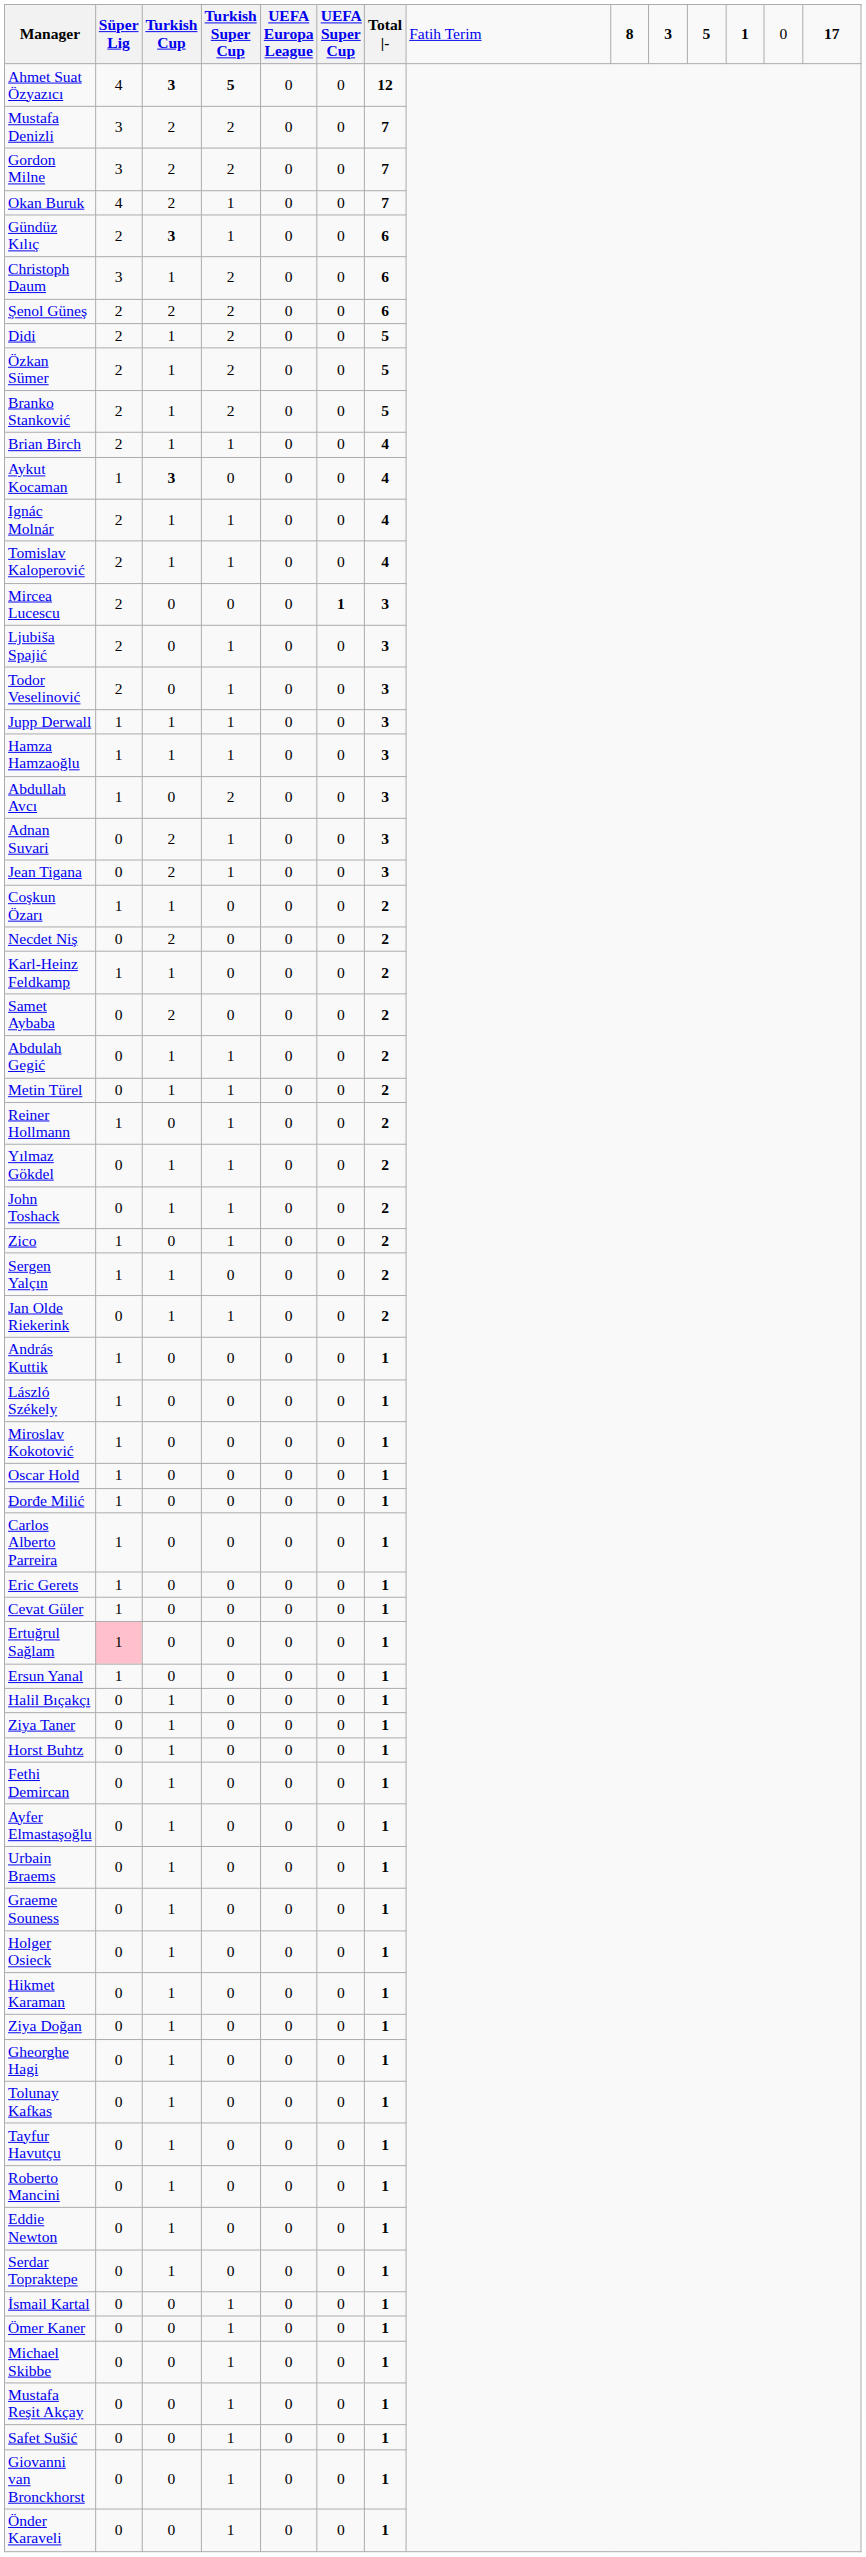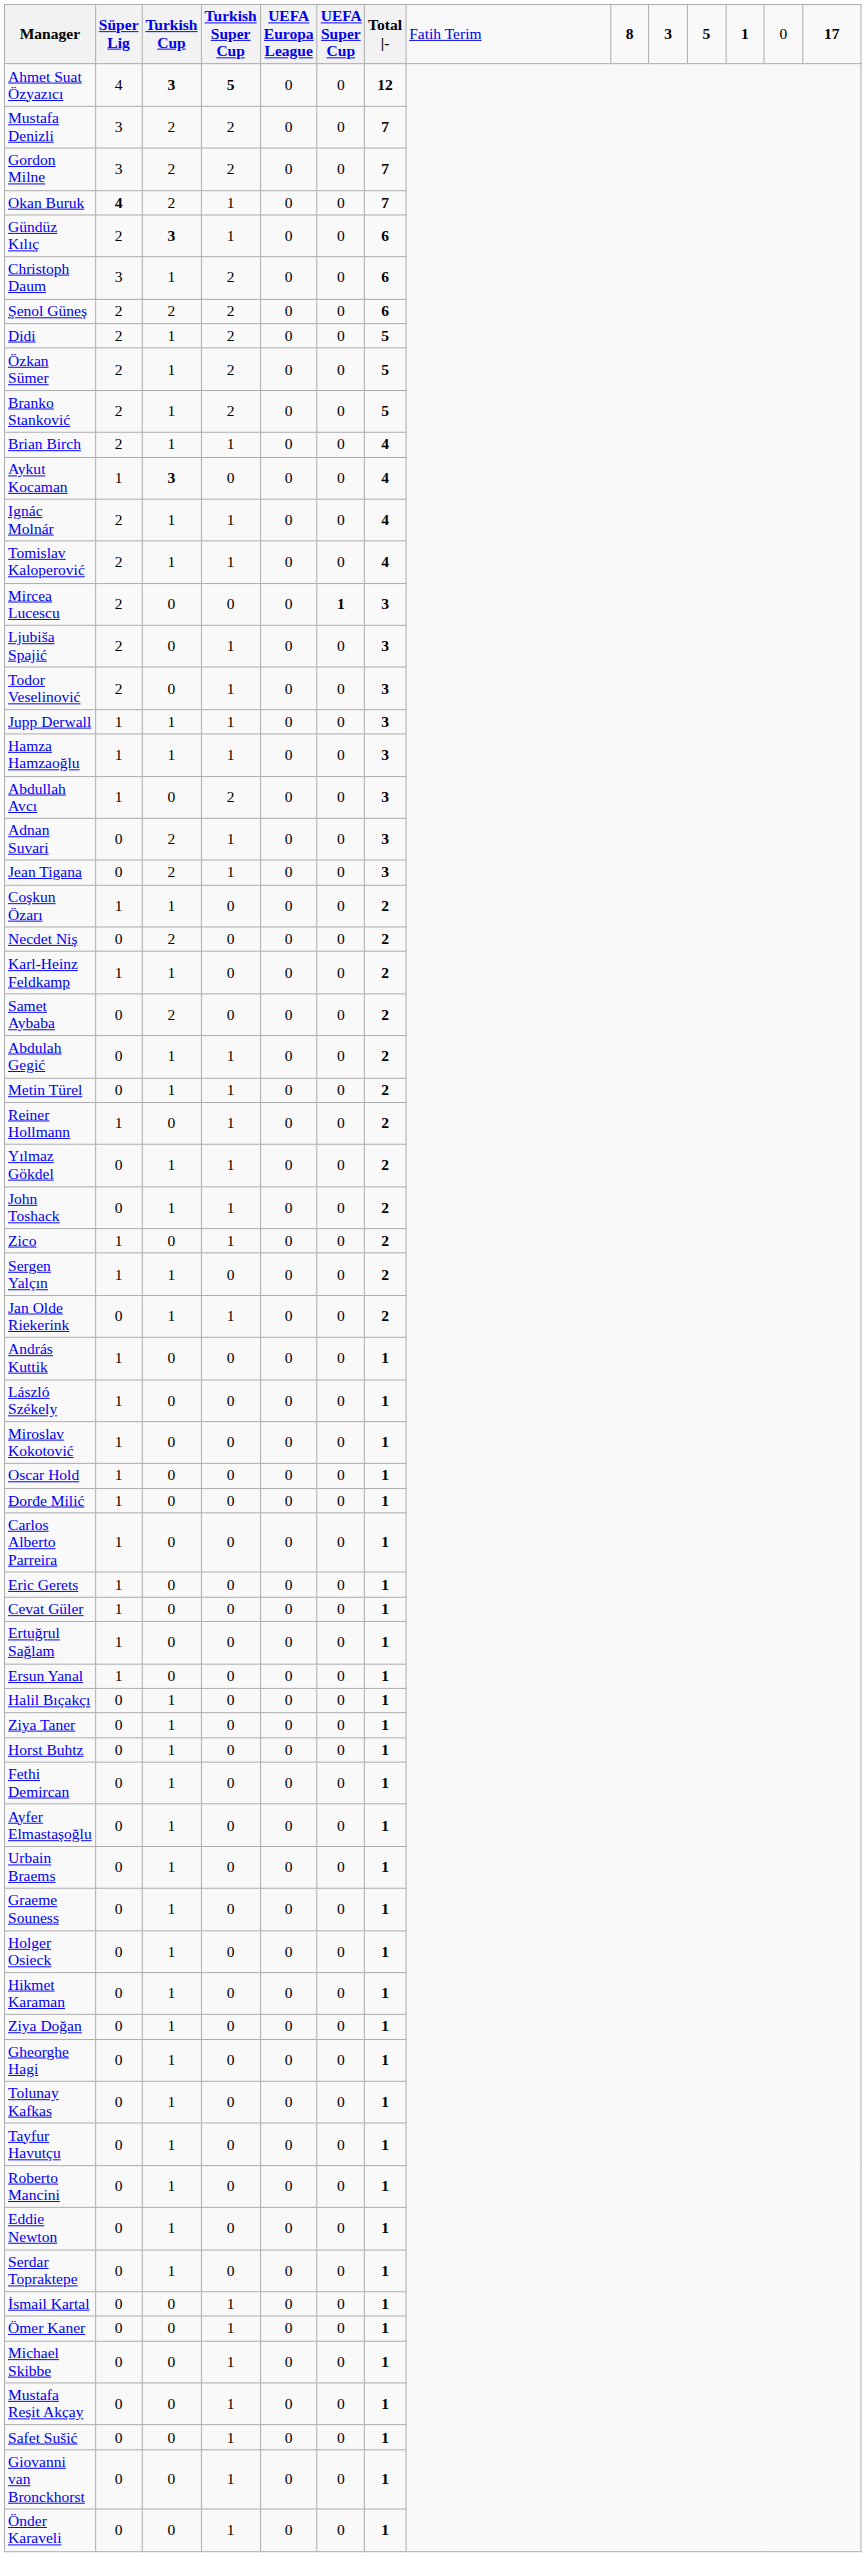 <table class="wikitable sortable" style="margin:auto">
 <tr>
 <th style="width:1%;" class="sortable">Manager</th>
 <th style="width:1%;" class="sortable"><a href='#'>Süper Lig</a></th>
 <th style="width:1%;" class="sortable"><a href='#'>Turkish Cup</a></th>
 <th style="width:1%;" class="sortable"><a href='#'>Turkish Super Cup</a></th>
 <th style="width:1%;" class="sortable"><a href='#'>UEFA Europa League</a></th>
 <th style="width:1%;" class="sortable"><a href='#'>UEFA Super Cup</a></th>
 <th style="width:1%;" class="sortable">Total<br>|-</th>
 <td> <a href='#'>Fatih Terim</a></td>
 <td align=center><strong>8</strong></td>
 <td align=center><strong>3</strong></td>
 <td align=center><strong>5</strong></td>
 <td align=center><strong>1</strong></td>
 <td align=center>0</td>
 <td align=center><strong>17</strong></td>
 </tr>
 <tr>
 <td> <a href='#'>Ahmet Suat Özyazıcı</a></td>
 <td align=center>4</td>
 <td align=center><strong>3</strong></td>
 <td align=center><strong>5</strong></td>
 <td align=center>0</td>
 <td align=center>0</td>
 <td align=center><strong>12</strong></td>
 </tr>
 <tr>
 <td> <a href='#'>Mustafa Denizli</a></td>
 <td align=center>3</td>
 <td align=center>2</td>
 <td align=center>2</td>
 <td align=center>0</td>
 <td align=center>0</td>
 <td align=center><strong>7</strong></td>
 </tr>
 <tr>
 <td> <a href='#'>Gordon Milne</a></td>
 <td align=center>3</td>
 <td align=center>2</td>
 <td align=center>2</td>
 <td align=center>0</td>
 <td align=center>0</td>
 <td align=center><strong>7</strong></td>
 </tr>
 <tr>
 <td> <a href='#'>Okan Buruk</a></td>
-<td align=center>4</td>
+<td align=center><strong>4</strong></td>
 <td align=center>2</td>
 <td align=center>1</td>
 <td align=center>0</td>
 <td align=center>0</td>
 <td align=center><strong>7</strong></td>
 </tr>
 <tr>
 <td> <a href='#'>Gündüz Kılıç</a></td>
 <td align=center>2</td>
 <td align=center><strong>3</strong></td>
 <td align=center>1</td>
 <td align=center>0</td>
 <td align=center>0</td>
 <td align=center><strong>6</strong></td>
 </tr>
 <tr>
 <td> <a href='#'>Christoph Daum</a></td>
 <td align=center>3</td>
 <td align=center>1</td>
 <td align=center>2</td>
 <td align=center>0</td>
 <td align=center>0</td>
 <td align=center><strong>6</strong></td>
 </tr>
 <tr>
 <td> <a href='#'>Şenol Güneş</a></td>
 <td align=center>2</td>
 <td align=center>2</td>
 <td align=center>2</td>
 <td align=center>0</td>
 <td align=center>0</td>
 <td align=center><strong>6</strong></td>
 </tr>
 <tr>
 <td> <a href='#'>Didi</a></td>
 <td align=center>2</td>
 <td align=center>1</td>
 <td align=center>2</td>
 <td align=center>0</td>
 <td align=center>0</td>
 <td align=center><strong>5</strong></td>
 </tr>
 <tr>
 <td> <a href='#'>Özkan Sümer</a></td>
 <td align=center>2</td>
 <td align=center>1</td>
 <td align=center>2</td>
 <td align=center>0</td>
 <td align=center>0</td>
 <td align=center><strong>5</strong></td>
 </tr>
 <tr>
 <td> <a href='#'>Branko Stanković</a></td>
 <td align=center>2</td>
 <td align=center>1</td>
 <td align=center>2</td>
 <td align=center>0</td>
 <td align=center>0</td>
 <td align=center><strong>5</strong></td>
 </tr>
 <tr>
 <td> <a href='#'>Brian Birch</a></td>
 <td align=center>2</td>
 <td align=center>1</td>
 <td align=center>1</td>
 <td align=center>0</td>
 <td align=center>0</td>
 <td align=center><strong>4</strong></td>
 </tr>
 <tr>
 <td> <a href='#'>Aykut Kocaman</a></td>
 <td align=center>1</td>
 <td align=center><strong>3</strong></td>
 <td align=center>0</td>
 <td align=center>0</td>
 <td align=center>0</td>
 <td align=center><strong>4</strong></td>
 </tr>
 <tr>
 <td> <a href='#'>Ignác Molnár</a></td>
 <td align=center>2</td>
 <td align=center>1</td>
 <td align=center>1</td>
 <td align=center>0</td>
 <td align=center>0</td>
 <td align=center><strong>4</strong></td>
 </tr>
 <tr>
 <td> <a href='#'>Tomislav Kaloperović</a></td>
 <td align=center>2</td>
 <td align=center>1</td>
 <td align=center>1</td>
 <td align=center>0</td>
 <td align=center>0</td>
 <td align=center><strong>4</strong></td>
 </tr>
 <tr>
 <td> <a href='#'>Mircea Lucescu</a></td>
 <td style="text-align:center;">2</td>
 <td style="text-align:center;">0</td>
 <td style="text-align:center;">0</td>
 <td style="text-align:center;">0</td>
 <td style="text-align:center;"><strong>1</strong></td>
 <td style="text-align:center;"><strong>3</strong></td>
 </tr>
 <tr>
 <td> <a href='#'>Ljubiša Spajić</a></td>
 <td align=center>2</td>
 <td align=center>0</td>
 <td align=center>1</td>
 <td align=center>0</td>
 <td align=center>0</td>
 <td align=center><strong>3</strong></td>
 </tr>
 <tr>
 <td> <a href='#'>Todor Veselinović</a></td>
 <td style="text-align:center;">2</td>
 <td style="text-align:center;">0</td>
 <td style="text-align:center;">1</td>
 <td style="text-align:center;">0</td>
 <td style="text-align:center;">0</td>
 <td style="text-align:center;"><strong>3</strong></td>
 </tr>
 <tr>
 <td> <a href='#'>Jupp Derwall</a></td>
 <td style="text-align:center;">1</td>
 <td style="text-align:center;">1</td>
 <td style="text-align:center;">1</td>
 <td style="text-align:center;">0</td>
 <td style="text-align:center;">0</td>
 <td style="text-align:center;"><strong>3</strong></td>
 </tr>
 <tr>
 <td> <a href='#'>Hamza Hamzaoğlu</a></td>
 <td style="text-align:center;">1</td>
 <td style="text-align:center;">1</td>
 <td style="text-align:center;">1</td>
 <td style="text-align:center;">0</td>
 <td style="text-align:center;">0</td>
 <td style="text-align:center;"><strong>3</strong></td>
 </tr>
 <tr>
 <td> <a href='#'>Abdullah Avcı</a></td>
 <td style="text-align:center;">1</td>
 <td style="text-align:center;">0</td>
 <td style="text-align:center;">2</td>
 <td style="text-align:center;">0</td>
 <td style="text-align:center;">0</td>
 <td style="text-align:center;"><strong>3</strong></td>
 </tr>
 <tr>
 <td> <a href='#'>Adnan Suvari</a></td>
 <td align=center>0</td>
 <td align=center>2</td>
 <td align=center>1</td>
 <td align=center>0</td>
 <td align=center>0</td>
 <td align=center><strong>3</strong></td>
 </tr>
 <tr>
 <td> <a href='#'>Jean Tigana</a></td>
 <td align=center>0</td>
 <td align=center>2</td>
 <td align=center>1</td>
 <td align=center>0</td>
 <td align=center>0</td>
 <td align=center><strong>3</strong></td>
 </tr>
 <tr>
 <td> <a href='#'>Coşkun Özarı</a></td>
 <td align=center>1</td>
 <td align=center>1</td>
 <td align=center>0</td>
 <td align=center>0</td>
 <td align=center>0</td>
 <td align=center><strong>2</strong></td>
 </tr>
 <tr>
 <td> <a href='#'>Necdet Niş</a></td>
 <td align=center>0</td>
 <td align=center>2</td>
 <td align=center>0</td>
 <td align=center>0</td>
 <td align=center>0</td>
 <td align=center><strong>2</strong></td>
 </tr>
 <tr>
 <td> <a href='#'>Karl-Heinz Feldkamp</a></td>
 <td align=center>1</td>
 <td align=center>1</td>
 <td align=center>0</td>
 <td align=center>0</td>
 <td align=center>0</td>
 <td align=center><strong>2</strong></td>
 </tr>
 <tr>
 <td> <a href='#'>Samet Aybaba</a></td>
 <td align=center>0</td>
 <td align=center>2</td>
 <td align=center>0</td>
 <td align=center>0</td>
 <td align=center>0</td>
 <td align=center><strong>2</strong></td>
 </tr>
 <tr>
 <td> <a href='#'>Abdulah Gegić</a></td>
 <td align=center>0</td>
 <td align=center>1</td>
 <td align=center>1</td>
 <td align=center>0</td>
 <td align=center>0</td>
 <td align=center><strong>2</strong></td>
 </tr>
 <tr>
 <td> <a href='#'>Metin Türel</a></td>
 <td align=center>0</td>
 <td align=center>1</td>
 <td align=center>1</td>
 <td align=center>0</td>
 <td align=center>0</td>
 <td align=center><strong>2</strong></td>
 </tr>
 <tr>
 <td> <a href='#'>Reiner Hollmann</a></td>
 <td align=center>1</td>
 <td align=center>0</td>
 <td align=center>1</td>
 <td align=center>0</td>
 <td align=center>0</td>
 <td align=center><strong>2</strong></td>
 </tr>
 <tr>
 <td> <a href='#'>Yılmaz Gökdel</a></td>
 <td align=center>0</td>
 <td align=center>1</td>
 <td align=center>1</td>
 <td align=center>0</td>
 <td align=center>0</td>
 <td align=center><strong>2</strong></td>
 </tr>
 <tr>
 <td> <a href='#'>John Toshack</a></td>
 <td align=center>0</td>
 <td align=center>1</td>
 <td align=center>1</td>
 <td align=center>0</td>
 <td align=center>0</td>
 <td align=center><strong>2</strong></td>
 </tr>
 <tr>
 <td> <a href='#'>Zico</a></td>
 <td align=center>1</td>
 <td align=center>0</td>
 <td align=center>1</td>
 <td align=center>0</td>
 <td align=center>0</td>
 <td align=center><strong>2</strong></td>
 </tr>
 <tr>
 <td> <a href='#'>Sergen Yalçın</a></td>
 <td align=center>1</td>
 <td align=center>1</td>
 <td align=center>0</td>
 <td align=center>0</td>
 <td align=center>0</td>
 <td align=center><strong>2</strong></td>
 </tr>
 <tr>
 <td> <a href='#'>Jan Olde Riekerink</a></td>
 <td align=center>0</td>
 <td align=center>1</td>
 <td align=center>1</td>
 <td align=center>0</td>
 <td align=center>0</td>
 <td align=center><strong>2</strong></td>
 </tr>
 <tr>
 <td> <a href='#'>András Kuttik</a></td>
 <td align=center>1</td>
 <td align=center>0</td>
 <td align=center>0</td>
 <td align=center>0</td>
 <td align=center>0</td>
 <td align=center><strong>1</strong></td>
 </tr>
 <tr>
 <td> <a href='#'>László Székely</a></td>
 <td align=center>1</td>
 <td align=center>0</td>
 <td align=center>0</td>
 <td align=center>0</td>
 <td align=center>0</td>
 <td align=center><strong>1</strong></td>
 </tr>
 <tr>
 <td> <a href='#'>Miroslav Kokotović</a></td>
 <td align=center>1</td>
 <td align=center>0</td>
 <td align=center>0</td>
 <td align=center>0</td>
 <td align=center>0</td>
 <td align=center><strong>1</strong></td>
 </tr>
 <tr>
 <td> <a href='#'>Oscar Hold</a></td>
 <td align=center>1</td>
 <td align=center>0</td>
 <td align=center>0</td>
 <td align=center>0</td>
 <td align=center>0</td>
 <td align=center><strong>1</strong></td>
 </tr>
 <tr>
 <td> <a href='#'>Đorđe Milić</a></td>
 <td align=center>1</td>
 <td align=center>0</td>
 <td align=center>0</td>
 <td align=center>0</td>
 <td align=center>0</td>
 <td align=center><strong>1</strong></td>
 </tr>
 <tr>
 <td> <a href='#'>Carlos Alberto Parreira</a></td>
 <td align=center>1</td>
 <td align=center>0</td>
 <td align=center>0</td>
 <td align=center>0</td>
 <td align=center>0</td>
 <td align=center><strong>1</strong></td>
 </tr>
 <tr>
 <td> <a href='#'>Eric Gerets</a></td>
 <td align=center>1</td>
 <td align=center>0</td>
 <td align=center>0</td>
 <td align=center>0</td>
 <td align=center>0</td>
 <td align=center><strong>1</strong></td>
 </tr>
 <tr>
 <td> <a href='#'>Cevat Güler</a></td>
 <td align=center>1</td>
 <td align=center>0</td>
 <td align=center>0</td>
 <td align=center>0</td>
 <td align=center>0</td>
 <td align=center><strong>1</strong></td>
 </tr>
 <tr>
 <td> <a href='#'>Ertuğrul Sağlam</a></td>
-<td align=center style="background: pink;">1</td>
+<td align=center>1</td>
 <td align=center>0</td>
 <td align=center>0</td>
 <td align=center>0</td>
 <td align=center>0</td>
 <td align=center><strong>1</strong></td>
 </tr>
 <tr>
 <td> <a href='#'>Ersun Yanal</a></td>
 <td align=center>1</td>
 <td align=center>0</td>
 <td align=center>0</td>
 <td align=center>0</td>
 <td align=center>0</td>
 <td align=center><strong>1</strong></td>
 </tr>
 <tr>
 <td> <a href='#'>Halil Bıçakçı</a></td>
 <td align=center>0</td>
 <td align=center>1</td>
 <td align=center>0</td>
 <td align=center>0</td>
 <td align=center>0</td>
 <td align=center><strong>1</strong></td>
 </tr>
 <tr>
 <td> <a href='#'>Ziya Taner</a></td>
 <td align=center>0</td>
 <td align=center>1</td>
 <td align=center>0</td>
 <td align=center>0</td>
 <td align=center>0</td>
 <td align=center><strong>1</strong></td>
 </tr>
 <tr>
 <td> <a href='#'>Horst Buhtz</a></td>
 <td align=center>0</td>
 <td align=center>1</td>
 <td align=center>0</td>
 <td align=center>0</td>
 <td align=center>0</td>
 <td align=center><strong>1</strong></td>
 </tr>
 <tr>
 <td> <a href='#'>Fethi Demircan</a></td>
 <td align=center>0</td>
 <td align=center>1</td>
 <td align=center>0</td>
 <td align=center>0</td>
 <td align=center>0</td>
 <td align=center><strong>1</strong></td>
 </tr>
 <tr>
 <td> <a href='#'>Ayfer Elmastaşoğlu</a></td>
 <td align=center>0</td>
 <td align=center>1</td>
 <td align=center>0</td>
 <td align=center>0</td>
 <td align=center>0</td>
 <td align=center><strong>1</strong></td>
 </tr>
 <tr>
 <td> <a href='#'>Urbain Braems</a></td>
 <td align=center>0</td>
 <td align=center>1</td>
 <td align=center>0</td>
 <td align=center>0</td>
 <td align=center>0</td>
 <td align=center><strong>1</strong></td>
 </tr>
 <tr>
 <td> <a href='#'>Graeme Souness</a></td>
 <td align=center>0</td>
 <td align=center>1</td>
 <td align=center>0</td>
 <td align=center>0</td>
 <td align=center>0</td>
 <td align=center><strong>1</strong></td>
 </tr>
 <tr>
 <td> <a href='#'>Holger Osieck</a></td>
 <td align=center>0</td>
 <td align=center>1</td>
 <td align=center>0</td>
 <td align=center>0</td>
 <td align=center>0</td>
 <td align=center><strong>1</strong></td>
 </tr>
 <tr>
 <td> <a href='#'>Hikmet Karaman</a></td>
 <td align=center>0</td>
 <td align=center>1</td>
 <td align=center>0</td>
 <td align=center>0</td>
 <td align=center>0</td>
 <td align=center><strong>1</strong></td>
 </tr>
 <tr>
 <td> <a href='#'>Ziya Doğan</a></td>
 <td align=center>0</td>
 <td align=center>1</td>
 <td align=center>0</td>
 <td align=center>0</td>
 <td align=center>0</td>
 <td align=center><strong>1</strong></td>
 </tr>
 <tr>
 <td> <a href='#'>Gheorghe Hagi</a></td>
 <td align=center>0</td>
 <td align=center>1</td>
 <td align=center>0</td>
 <td align=center>0</td>
 <td align=center>0</td>
 <td align=center><strong>1</strong></td>
 </tr>
 <tr>
 <td> <a href='#'>Tolunay Kafkas</a></td>
 <td align=center>0</td>
 <td align=center>1</td>
 <td align=center>0</td>
 <td align=center>0</td>
 <td align=center>0</td>
 <td align=center><strong>1</strong></td>
 </tr>
 <tr>
 <td> <a href='#'>Tayfur Havutçu</a></td>
 <td align=center>0</td>
 <td align=center>1</td>
 <td align=center>0</td>
 <td align=center>0</td>
 <td align=center>0</td>
 <td align=center><strong>1</strong></td>
 </tr>
 <tr>
 <td> <a href='#'>Roberto Mancini</a></td>
 <td align=center>0</td>
 <td align=center>1</td>
 <td align=center>0</td>
 <td align=center>0</td>
 <td align=center>0</td>
 <td align=center><strong>1</strong></td>
 </tr>
 <tr>
 <td> <a href='#'>Eddie Newton</a></td>
 <td align=center>0</td>
 <td align=center>1</td>
 <td align=center>0</td>
 <td align=center>0</td>
 <td align=center>0</td>
 <td align=center><strong>1</strong></td>
 </tr>
 <tr>
 <td> <a href='#'>Serdar Topraktepe</a></td>
 <td align=center>0</td>
 <td align=center>1</td>
 <td align=center>0</td>
 <td align=center>0</td>
 <td align=center>0</td>
 <td align=center><strong>1</strong></td>
 </tr>
 <tr>
 <td> <a href='#'>İsmail Kartal</a></td>
 <td align=center>0</td>
 <td align=center>0</td>
 <td align=center>1</td>
 <td align=center>0</td>
 <td align=center>0</td>
 <td align=center><strong>1</strong></td>
 </tr>
 <tr>
 <td> <a href='#'>Ömer Kaner</a></td>
 <td align=center>0</td>
 <td align=center>0</td>
 <td align=center>1</td>
 <td align=center>0</td>
 <td align=center>0</td>
 <td align=center><strong>1</strong></td>
 </tr>
 <tr>
 <td> <a href='#'>Michael Skibbe</a></td>
 <td align=center>0</td>
 <td align=center>0</td>
 <td align=center>1</td>
 <td align=center>0</td>
 <td align=center>0</td>
 <td align=center><strong>1</strong></td>
 </tr>
 <tr>
 <td> <a href='#'>Mustafa Reşit Akçay</a></td>
 <td align=center>0</td>
 <td align=center>0</td>
 <td align=center>1</td>
 <td align=center>0</td>
 <td align=center>0</td>
 <td align=center><strong>1</strong></td>
 </tr>
 <tr>
 <td> <a href='#'>Safet Sušić</a></td>
 <td align=center>0</td>
 <td align=center>0</td>
 <td align=center>1</td>
 <td align=center>0</td>
 <td align=center>0</td>
 <td align=center><strong>1</strong></td>
 </tr>
 <tr>
 <td> <a href='#'>Giovanni van Bronckhorst</a></td>
 <td align=center>0</td>
 <td align=center>0</td>
 <td align=center>1</td>
 <td align=center>0</td>
 <td align=center>0</td>
 <td align=center><strong>1</strong></td>
 </tr>
 <tr>
 <td> <a href='#'>Önder Karaveli</a></td>
 <td align=center>0</td>
 <td align=center>0</td>
 <td align=center>1</td>
 <td align=center>0</td>
 <td align=center>0</td>
 <td align=center><strong>1</strong></td>
 </tr>
 </table>
